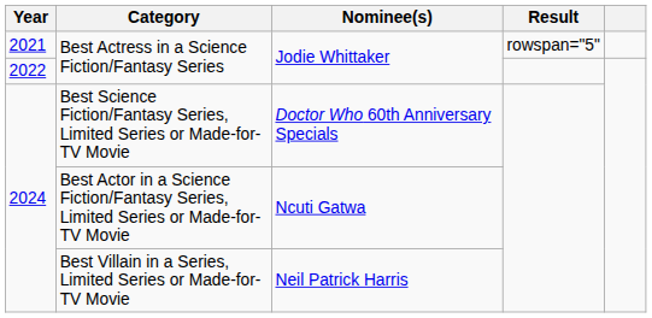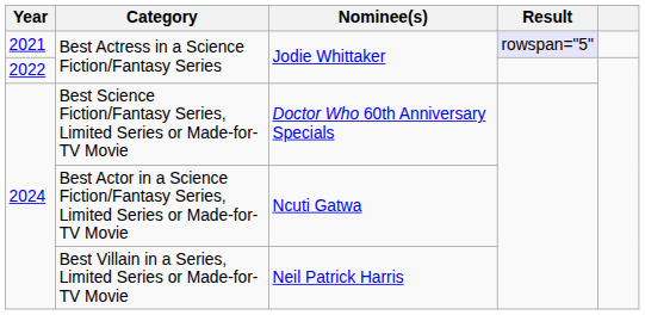 <table class="wikitable" style="width:70%">
 <tr>
 <th style="width:8%">Year</th>
 <th style="width:35%">Category</th>
 <th style="width:38%">Nominee(s)</th>
 <th style="width:12%">Result</th>
 <th style="width:7%"></th>
 </tr>
 <tr>
 <td><a href='#'>2021</a></td>
 <td rowspan="2">Best Actress in a Science Fiction/Fantasy Series</td>
 <td rowspan="2"><a href='#'>Jodie Whittaker</a></td>
-<td>rowspan="5"</td>
+<td style="background: lavender;">rowspan="5"</td>
 <td></td>
 </tr>
 <tr>
 <td><a href='#'>2022</a></td>
 <td></td>
 </tr>
 <tr>
 <td rowspan="3"><a href='#'>2024</a></td>
 <td>Best Science Fiction/Fantasy Series, Limited Series or Made-for-TV Movie</td>
 <td><a href='#'><em>Doctor Who</em> 60th Anniversary Specials</a></td>
 <td rowspan="3"></td>
 </tr>
 <tr>
 <td>Best Actor in a Science Fiction/Fantasy Series, Limited Series or Made-for-TV Movie</td>
 <td><a href='#'>Ncuti Gatwa</a></td>
 </tr>
 <tr>
 <td>Best Villain in a Series, Limited Series or Made-for-TV Movie</td>
 <td><a href='#'>Neil Patrick Harris</a></td>
 </tr>
 </table>
